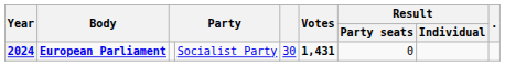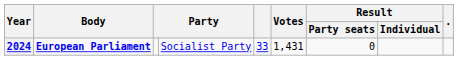 <table class="wikitable plainrowheaders sortable" border=2 cellpadding=4 cellspacing=0 style="border: 1px #aaa solid; font-size: 90%; text-align:center;">
 <tr>
 <th scope="col" rowspan=2>Year</th>
 <th scope="col" rowspan=2>Body</th>
 <th scope="col" colspan=2 rowspan=2>Party</th>
 <th scope="col" rowspan=2></th>
 <th scope="col" rowspan=2>Votes</th>
 <th scope="colgroup" colspan=2>Result</th>
 <th scope="col" rowspan=2>.</th>
 </tr>
 <tr>
 <th scope="col">Party seats</th>
 <th scope="col">Individual</th>
 </tr>
 <tr>
 <th scope="row"><a href='#'>2024</a></th>
 <td><strong><a href='#'>European Parliament</a></strong></td>
 <td style="background-color:"></td>
 <td><a href='#'>Socialist Party</a></td>
-<td style=text-align:right><a href='#'>30</a></td>
-<td style=text-align:right><strong>1,431</strong></td>
+<td style=text-align:right><a href='#'>33</a></td>
+<td style=text-align:right>1,431</td>
 <td style=text-align:right>0</td>
 <td></td>
 <td></td>
 </tr>
 </table>
